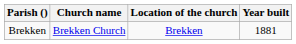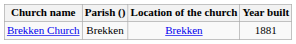 <table class="wikitable" style="text-align:center">
 <tr>
+<th>Church name</th>
 <th>Parish ()</th>
-<th>Church name</th>
 <th>Location of the church</th>
 <th>Year built</th>
 </tr>
 <tr>
+<td><a href='#'>Brekken Church</a></td>
 <td rowspan="1">Brekken</td>
-<td><a href='#'>Brekken Church</a></td>
 <td><a href='#'>Brekken</a></td>
 <td>1881</td>
 </tr>
 </table>
